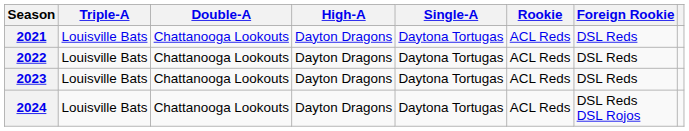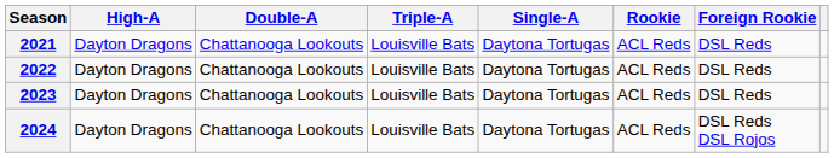 <table class="wikitable plainrowheaders">
 <tr>
 <th scope="col">Season</th>
+<th scope="col"><a href='#'><span>High-A</span></a></th>
+<th scope="col"><a href='#'><span>Double-A</span></a></th>
 <th scope="col"><a href='#'><span>Triple-A</span></a></th>
-<th scope="col"><a href='#'><span>Double-A</span></a></th>
-<th scope="col"><a href='#'><span>High-A</span></a></th>
 <th scope="col"><a href='#'><span>Single-A</span></a></th>
 <th scope="col"><a href='#'><span>Rookie</span></a></th>
 <th scope="col"><a href='#'><span>Foreign Rookie</span></a></th>
 <th scope="col"></th>
 </tr>
 <tr>
 <th scope="row" style="text-align:center"><a href='#'>2021</a></th>
+<td><a href='#'>Dayton Dragons</a></td>
+<td><a href='#'>Chattanooga Lookouts</a></td>
 <td><a href='#'>Louisville Bats</a></td>
-<td><a href='#'>Chattanooga Lookouts</a></td>
-<td><a href='#'>Dayton Dragons</a></td>
 <td><a href='#'>Daytona Tortugas</a></td>
 <td><a href='#'>ACL Reds</a></td>
 <td><a href='#'>DSL Reds</a></td>
 <td align="center"></td>
 </tr>
 <tr>
 <th scope="row" style="text-align:center"><a href='#'>2022</a></th>
+<td>Dayton Dragons</td>
+<td>Chattanooga Lookouts</td>
 <td>Louisville Bats</td>
-<td>Chattanooga Lookouts</td>
-<td>Dayton Dragons</td>
 <td>Daytona Tortugas</td>
 <td>ACL Reds</td>
 <td>DSL Reds</td>
 <td align="center"></td>
 </tr>
 <tr>
 <th scope="row" style="text-align:center"><a href='#'>2023</a></th>
+<td>Dayton Dragons</td>
+<td>Chattanooga Lookouts</td>
 <td>Louisville Bats</td>
-<td>Chattanooga Lookouts</td>
-<td>Dayton Dragons</td>
 <td>Daytona Tortugas</td>
 <td>ACL Reds</td>
 <td>DSL Reds</td>
 <td align="center"></td>
 </tr>
 <tr>
 <th scope="row" style="text-align:center"><a href='#'>2024</a></th>
+<td>Dayton Dragons</td>
+<td>Chattanooga Lookouts</td>
 <td>Louisville Bats</td>
-<td>Chattanooga Lookouts</td>
-<td>Dayton Dragons</td>
 <td>Daytona Tortugas</td>
 <td>ACL Reds</td>
 <td>DSL Reds<br><a href='#'>DSL Rojos</a></td>
 <td align="center"></td>
 </tr>
 </table>
